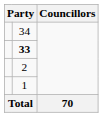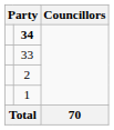 <table class="wikitable">
 <tr>
 <th colspan=2>Party</th>
 <th>Councillors</th>
 </tr>
 <tr>
 <td></td>
-<td align=center>34</td>
+<td align=center><strong>34</strong></td>
 </tr>
 <tr>
 <td></td>
-<td align=center><strong>33</strong></td>
+<td align=center>33</td>
 </tr>
 <tr>
 <td></td>
 <td align=center>2</td>
 </tr>
 <tr>
 <td></td>
 <td align=center>1</td>
 </tr>
 <tr>
 <th colspan=2>Total</th>
 <th>70</th>
 </tr>
 </table>
